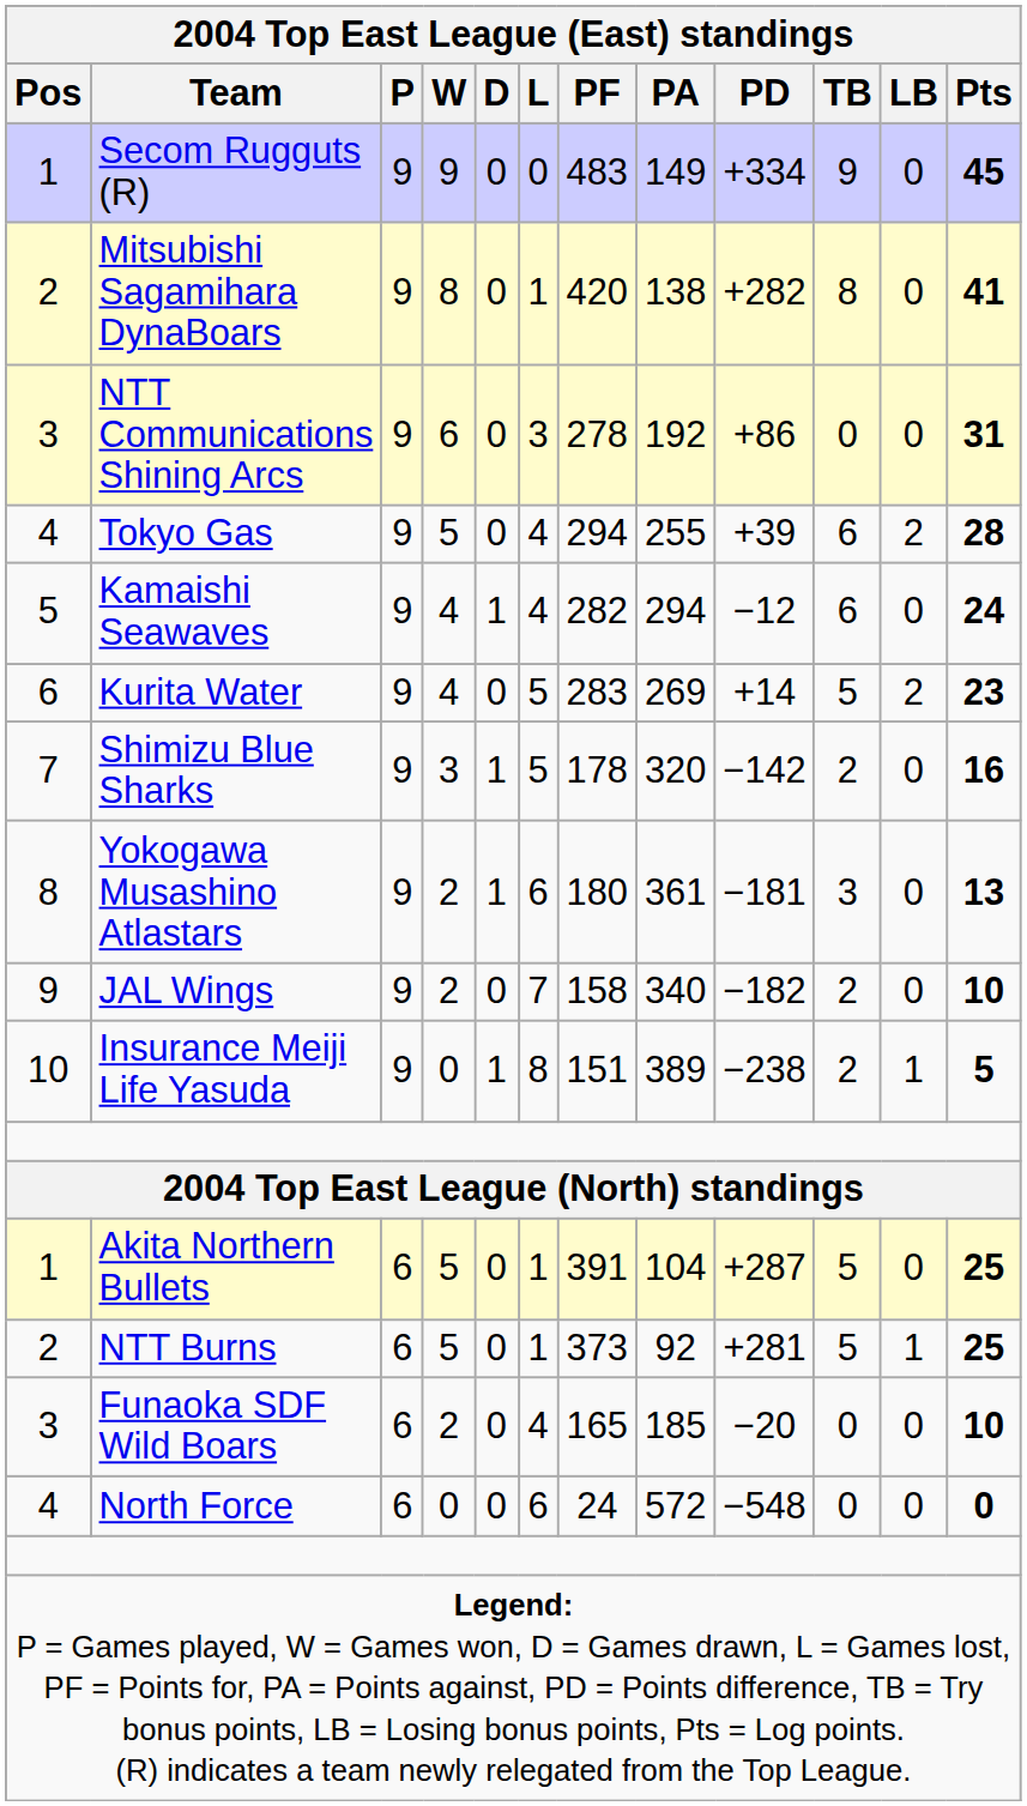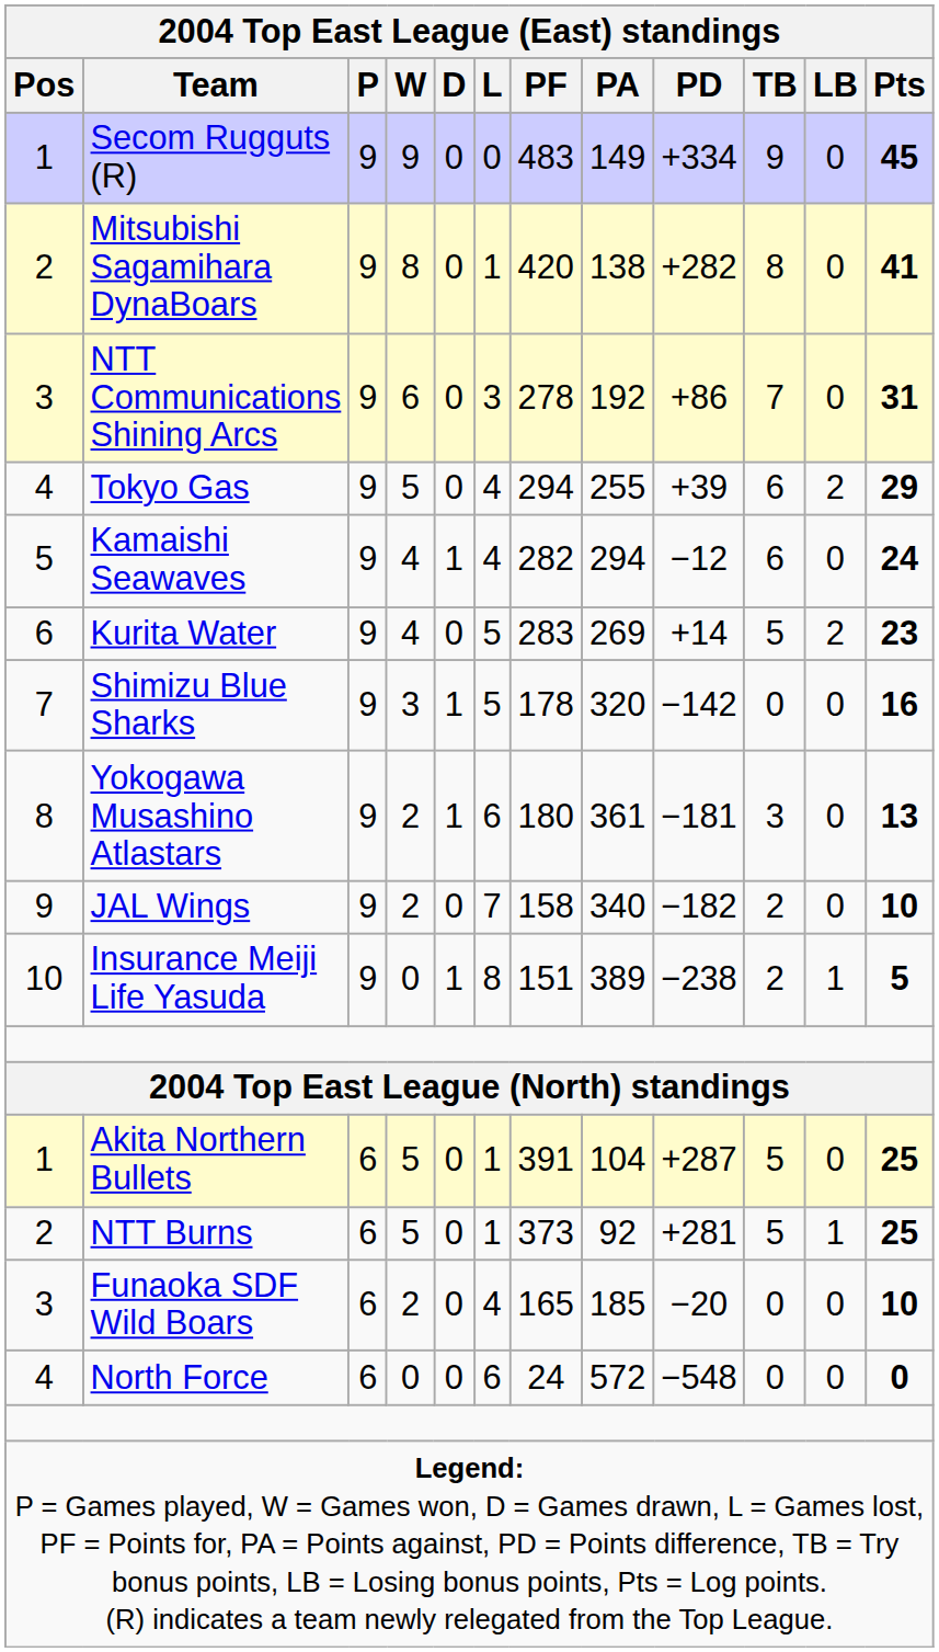 <table class="wikitable" style="text-align:center; font-size:100%; width:60%;">
 <tr>
 <th colspan="100%" cellpadding="0" cellspacing="0"><strong>2004 Top East League (East) standings</strong></th>
 </tr>
 <tr>
 <th style="width:6%;">Pos</th>
 <th style="width:34%;">Team</th>
 <th style="width:6%;">P</th>
 <th style="width:6%;">W</th>
 <th style="width:6%;">D</th>
 <th style="width:6%;">L</th>
 <th style="width:6%;">PF</th>
 <th style="width:6%;">PA</th>
 <th style="width:6%;">PD</th>
 <th style="width:6%;">TB</th>
 <th style="width:6%;">LB</th>
 <th style="width:6%;">Pts<br></th>
 </tr>
 <tr style="background:#CCCCFF;">
 <td>1</td>
 <td style="text-align:left;"><a href='#'>Secom Rugguts</a> (R)</td>
 <td>9</td>
 <td>9</td>
 <td>0</td>
 <td>0</td>
 <td>483</td>
 <td>149</td>
 <td>+334</td>
 <td>9</td>
 <td>0</td>
 <td><strong>45</strong></td>
 </tr>
 <tr style="background:#FFFCCC;">
 <td>2</td>
 <td style="text-align:left;"><a href='#'>Mitsubishi Sagamihara DynaBoars</a></td>
 <td>9</td>
 <td>8</td>
 <td>0</td>
 <td>1</td>
 <td>420</td>
 <td>138</td>
 <td>+282</td>
 <td>8</td>
 <td>0</td>
 <td><strong>41</strong></td>
 </tr>
 <tr style="background:#FFFCCC;">
 <td>3</td>
 <td style="text-align:left;"><a href='#'>NTT Communications Shining Arcs</a></td>
 <td>9</td>
 <td>6</td>
 <td>0</td>
 <td>3</td>
 <td>278</td>
 <td>192</td>
 <td>+86</td>
-<td>0</td>
+<td>7</td>
 <td>0</td>
 <td><strong>31</strong></td>
 </tr>
 <tr>
 <td>4</td>
 <td style="text-align:left;"><a href='#'>Tokyo Gas</a></td>
 <td>9</td>
 <td>5</td>
 <td>0</td>
 <td>4</td>
 <td>294</td>
 <td>255</td>
 <td>+39</td>
 <td>6</td>
 <td>2</td>
-<td><strong>28</strong></td>
+<td><strong>29</strong></td>
 </tr>
 <tr>
 <td>5</td>
 <td style="text-align:left;"><a href='#'>Kamaishi Seawaves</a></td>
 <td>9</td>
 <td>4</td>
 <td>1</td>
 <td>4</td>
 <td>282</td>
 <td>294</td>
 <td>−12</td>
 <td>6</td>
 <td>0</td>
 <td><strong>24</strong></td>
 </tr>
 <tr>
 <td>6</td>
 <td style="text-align:left;"><a href='#'>Kurita Water</a></td>
 <td>9</td>
 <td>4</td>
 <td>0</td>
 <td>5</td>
 <td>283</td>
 <td>269</td>
 <td>+14</td>
 <td>5</td>
 <td>2</td>
 <td><strong>23</strong></td>
 </tr>
 <tr>
 <td>7</td>
 <td style="text-align:left;"><a href='#'>Shimizu Blue Sharks</a></td>
 <td>9</td>
 <td>3</td>
 <td>1</td>
 <td>5</td>
 <td>178</td>
 <td>320</td>
 <td>−142</td>
-<td>2</td>
+<td>0</td>
 <td>0</td>
 <td><strong>16</strong></td>
 </tr>
 <tr>
 <td>8</td>
 <td style="text-align:left;"><a href='#'>Yokogawa Musashino Atlastars</a></td>
 <td>9</td>
 <td>2</td>
 <td>1</td>
 <td>6</td>
 <td>180</td>
 <td>361</td>
 <td>−181</td>
 <td>3</td>
 <td>0</td>
 <td><strong>13</strong></td>
 </tr>
 <tr>
 <td>9</td>
 <td style="text-align:left;"><a href='#'>JAL Wings</a></td>
 <td>9</td>
 <td>2</td>
 <td>0</td>
 <td>7</td>
 <td>158</td>
 <td>340</td>
 <td>−182</td>
 <td>2</td>
 <td>0</td>
 <td><strong>10</strong></td>
 </tr>
 <tr>
 <td>10</td>
 <td style="text-align:left;"><a href='#'>Insurance Meiji Life Yasuda</a></td>
 <td>9</td>
 <td>0</td>
 <td>1</td>
 <td>8</td>
 <td>151</td>
 <td>389</td>
 <td>−238</td>
 <td>2</td>
 <td>1</td>
 <td><strong>5</strong></td>
 </tr>
 <tr>
 <td colspan="100%" style="height:10px;"></td>
 </tr>
 <tr>
 <th colspan="100%" cellpadding="0" cellspacing="0"><strong>2004 Top East League (North) standings</strong></th>
 </tr>
 <tr style="background:#FFFCCC;">
 <td>1</td>
 <td style="text-align:left;"><a href='#'>Akita Northern Bullets</a></td>
 <td>6</td>
 <td>5</td>
 <td>0</td>
 <td>1</td>
 <td>391</td>
 <td>104</td>
 <td>+287</td>
 <td>5</td>
 <td>0</td>
 <td><strong>25</strong></td>
 </tr>
 <tr>
 <td>2</td>
 <td style="text-align:left;"><a href='#'>NTT Burns</a></td>
 <td>6</td>
 <td>5</td>
 <td>0</td>
 <td>1</td>
 <td>373</td>
 <td>92</td>
 <td>+281</td>
 <td>5</td>
 <td>1</td>
 <td><strong>25</strong></td>
 </tr>
 <tr>
 <td>3</td>
 <td style="text-align:left;"><a href='#'>Funaoka SDF Wild Boars</a></td>
 <td>6</td>
 <td>2</td>
 <td>0</td>
 <td>4</td>
 <td>165</td>
 <td>185</td>
 <td>−20</td>
 <td>0</td>
 <td>0</td>
 <td><strong>10</strong></td>
 </tr>
 <tr>
 <td>4</td>
 <td style="text-align:left;"><a href='#'>North Force</a></td>
 <td>6</td>
 <td>0</td>
 <td>0</td>
 <td>6</td>
 <td>24</td>
 <td>572</td>
 <td>−548</td>
 <td>0</td>
 <td>0</td>
 <td><strong>0</strong></td>
 </tr>
 <tr>
 <td colspan="100%" style="height:10px;"></td>
 </tr>
 <tr>
 <td colspan="100%"><small><strong>Legend:</strong> <br> P = Games played, W = Games won, D = Games drawn, L = Games lost, PF = Points for, PA = Points against, PD = Points difference, TB = Try bonus points, LB = Losing bonus points, Pts = Log points. <br> (R) indicates a team newly relegated from the Top League.</small></td>
 </tr>
 </table>
